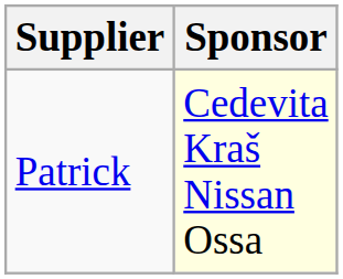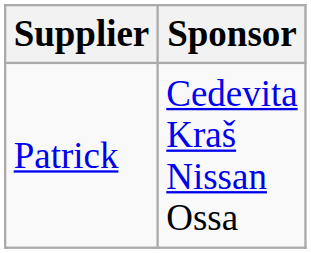 <table class="wikitable">
 <tr>
 <th>Supplier</th>
 <th>Sponsor</th>
 </tr>
 <tr>
 <td> <a href='#'>Patrick</a></td>
-<td style="background: lightyellow;"> <a href='#'>Cedevita</a><br> <a href='#'>Kraš</a><br> <a href='#'>Nissan</a><br>Ossa</td>
+<td> <a href='#'>Cedevita</a><br> <a href='#'>Kraš</a><br> <a href='#'>Nissan</a><br>Ossa</td>
 </tr>
 </table>
